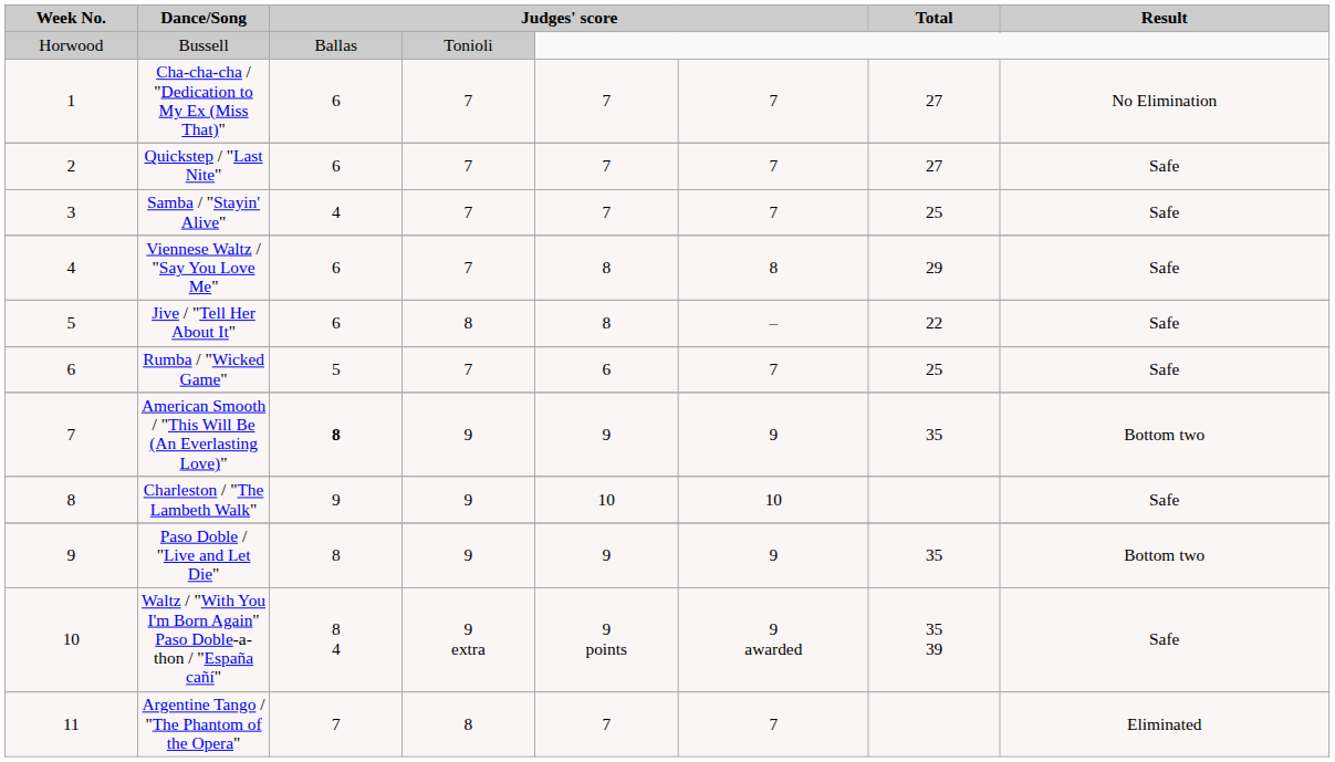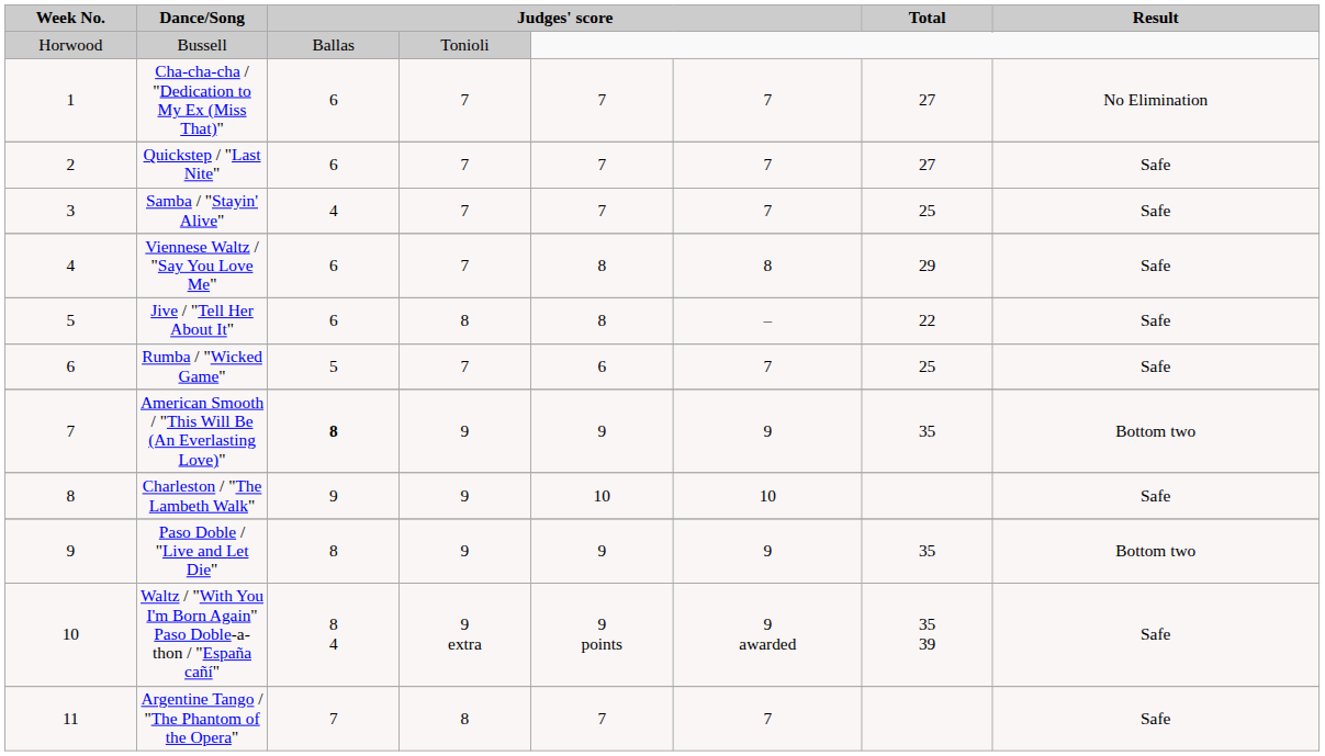 <table class="wikitable">
 <tr>
 <td rowspan="2" style="background:#CCCCCC;" align="Center"><strong>Week No.</strong></td>
 <td rowspan="2" style="background:#CCCCCC;" align="Center"><strong>Dance/Song</strong></td>
 <td colspan="4" style="background:#CCCCCC;" align="Center"><strong>Judges' score</strong></td>
 <td rowspan="2" style="background:#CCCCCC;" align="Center"><strong>Total</strong></td>
 <td rowspan="2" style="background:#CCCCCC;" align="Center"><strong>Result</strong></td>
 </tr>
 <tr>
 </tr>
 <tr>
 <td style="background:#CCCCCC;" width="10%" align="center">Horwood</td>
 <td style="background:#CCCCCC;" width="10%" align="center">Bussell</td>
 <td style="background:#CCCCCC;" width="10%" align="center">Ballas</td>
 <td style="background:#CCCCCC;" width="10%" align="center">Tonioli</td>
 </tr>
 <tr>
 </tr>
 <tr>
 <td style="text-align:center; background:#faf6f6;">1</td>
 <td style="text-align:center; background:#faf6f6;"><a href='#'>Cha-cha-cha</a> / "<a href='#'>Dedication to My Ex (Miss That)</a>"</td>
 <td style="text-align:center; background:#faf6f6;">6</td>
 <td style="text-align:center; background:#faf6f6;">7</td>
 <td style="text-align:center; background:#faf6f6;">7</td>
 <td style="text-align:center; background:#faf6f6;">7</td>
 <td style="text-align:center; background:#faf6f6;">27</td>
 <td style="text-align:center; background:#faf6f6;">No Elimination</td>
 </tr>
 <tr>
 </tr>
 <tr>
 <td style="text-align:center; background:#faf6f6;">2</td>
 <td style="text-align:center; background:#faf6f6;"><a href='#'>Quickstep</a> / "<a href='#'>Last Nite</a>"</td>
 <td style="text-align:center; background:#faf6f6;">6</td>
 <td style="text-align:center; background:#faf6f6;">7</td>
 <td style="text-align:center; background:#faf6f6;">7</td>
 <td style="text-align:center; background:#faf6f6;">7</td>
 <td style="text-align:center; background:#faf6f6;">27</td>
 <td style="text-align:center; background:#faf6f6;">Safe</td>
 </tr>
 <tr>
 </tr>
 <tr>
 <td style="text-align:center; background:#faf6f6;">3</td>
 <td style="text-align:center; background:#faf6f6;"><a href='#'>Samba</a> / "<a href='#'>Stayin' Alive</a>"</td>
 <td style="text-align:center; background:#faf6f6;">4</td>
 <td style="text-align:center; background:#faf6f6;">7</td>
 <td style="text-align:center; background:#faf6f6;">7</td>
 <td style="text-align:center; background:#faf6f6;">7</td>
 <td style="text-align:center; background:#faf6f6;">25</td>
 <td style="text-align:center; background:#faf6f6;">Safe</td>
 </tr>
 <tr>
 </tr>
 <tr>
 <td style="text-align:center; background:#faf6f6">4</td>
 <td style="text-align:center; background:#faf6f6"><a href='#'>Viennese Waltz</a> / "<a href='#'>Say You Love Me</a>"</td>
 <td style="text-align:center; background:#faf6f6">6</td>
 <td style="text-align:center; background:#faf6f6">7</td>
 <td style="text-align:center; background:#faf6f6">8</td>
 <td style="text-align:center; background:#faf6f6">8</td>
 <td style="text-align:center; background:#faf6f6">29</td>
 <td style="text-align:center; background:#faf6f6">Safe</td>
 </tr>
 <tr>
 </tr>
 <tr>
 <td style="text-align:center; background:#faf6f6">5</td>
 <td style="text-align:center; background:#faf6f6"><a href='#'>Jive</a> / "<a href='#'>Tell Her About It</a>"</td>
 <td style="text-align:center; background:#faf6f6">6</td>
 <td style="text-align:center; background:#faf6f6">8</td>
 <td style="text-align:center; background:#faf6f6">8</td>
 <td style="text-align:center; background:#faf6f6">–</td>
 <td style="text-align:center; background:#faf6f6">22</td>
 <td style="text-align:center; background:#faf6f6">Safe</td>
 </tr>
 <tr>
 </tr>
 <tr>
 <td style="text-align:center; background:#faf6f6">6</td>
 <td style="text-align:center; background:#faf6f6"><a href='#'>Rumba</a> / "<a href='#'>Wicked Game</a>"</td>
 <td style="text-align:center; background:#faf6f6">5</td>
 <td style="text-align:center; background:#faf6f6">7</td>
 <td style="text-align:center; background:#faf6f6">6</td>
 <td style="text-align:center; background:#faf6f6">7</td>
 <td style="text-align:center; background:#faf6f6">25</td>
 <td style="text-align:center; background:#faf6f6">Safe</td>
 </tr>
 <tr>
 </tr>
 <tr>
 <td style="text-align:center; background:#faf6f6">7</td>
 <td style="text-align:center; background:#faf6f6"><a href='#'>American Smooth</a> / "<a href='#'>This Will Be (An Everlasting Love)</a>"</td>
 <td style="text-align:center; background:#faf6f6"><strong>8</strong></td>
 <td style="text-align:center; background:#faf6f6">9</td>
 <td style="text-align:center; background:#faf6f6">9</td>
 <td style="text-align:center; background:#faf6f6">9</td>
 <td style="text-align:center; background:#faf6f6">35</td>
 <td style="text-align:center; background:#faf6f6">Bottom two</td>
 </tr>
 <tr>
 </tr>
 <tr>
 <td style="text-align:center; background:#faf6f6">8</td>
 <td style="text-align:center; background:#faf6f6"><a href='#'>Charleston</a> / "<a href='#'>The Lambeth Walk</a>"</td>
 <td style="text-align:center; background:#faf6f6">9</td>
 <td style="text-align:center; background:#faf6f6">9</td>
 <td style="text-align:center; background:#faf6f6">10</td>
 <td style="text-align:center; background:#faf6f6">10</td>
 <td style="text-align:center; background:#faf6f6"></td>
 <td style="text-align:center; background:#faf6f6">Safe</td>
 </tr>
 <tr>
 </tr>
 <tr>
 <td style="text-align:center; background:#faf6f6">9</td>
 <td style="text-align:center; background:#faf6f6"><a href='#'>Paso Doble</a> / "<a href='#'>Live and Let Die</a>"</td>
 <td style="text-align:center; background:#faf6f6">8</td>
 <td style="text-align:center; background:#faf6f6">9</td>
 <td style="text-align:center; background:#faf6f6">9</td>
 <td style="text-align:center; background:#faf6f6">9</td>
 <td style="text-align:center; background:#faf6f6">35</td>
 <td style="text-align:center; background:#faf6f6">Bottom two</td>
 </tr>
 <tr>
 </tr>
 <tr>
 </tr>
 <tr style="text-align: center; background:#faf6f6;">
 <td>10</td>
 <td><a href='#'>Waltz</a> / "<a href='#'>With You I'm Born Again</a>"<br><a href='#'>Paso Doble</a>-a-thon / "<a href='#'>España cañí</a>"</td>
 <td>8<br>4</td>
 <td>9<br>extra</td>
 <td>9<br>points</td>
 <td>9<br>awarded</td>
 <td>35<br>39</td>
 <td>Safe</td>
 </tr>
 <tr>
 </tr>
 <tr>
 <td style="text-align:center; background:#faf6f6">11</td>
 <td style="text-align:center; background:#faf6f6"><a href='#'>Argentine Tango</a> / "<a href='#'>The Phantom of the Opera</a>"</td>
 <td style="text-align:center; background:#faf6f6">7</td>
 <td style="text-align:center; background:#faf6f6">8</td>
 <td style="text-align:center; background:#faf6f6">7</td>
 <td style="text-align:center; background:#faf6f6">7</td>
 <td style="text-align:center; background:#faf6f6"></td>
-<td style="text-align:center; background:#faf6f6">Eliminated</td>
+<td style="text-align:center; background:#faf6f6">Safe</td>
 </tr>
 </table>
